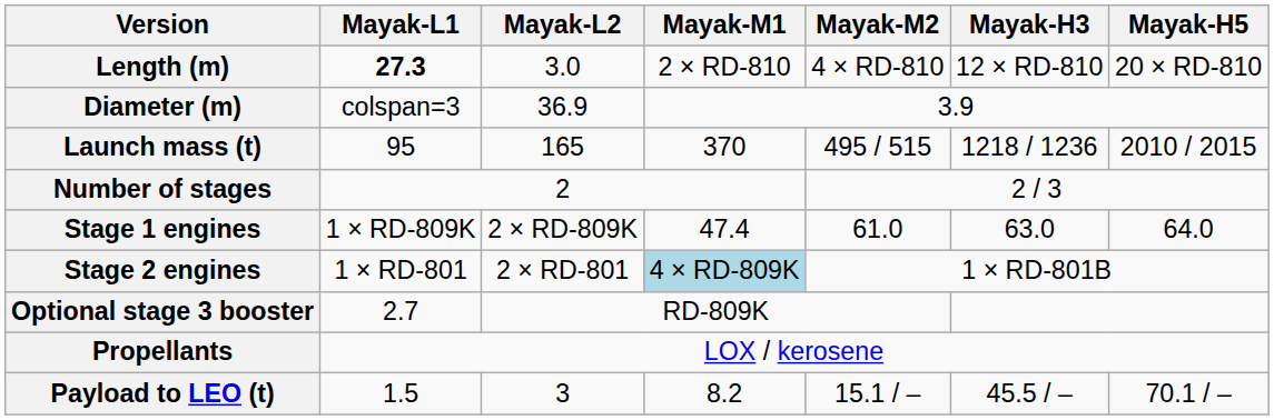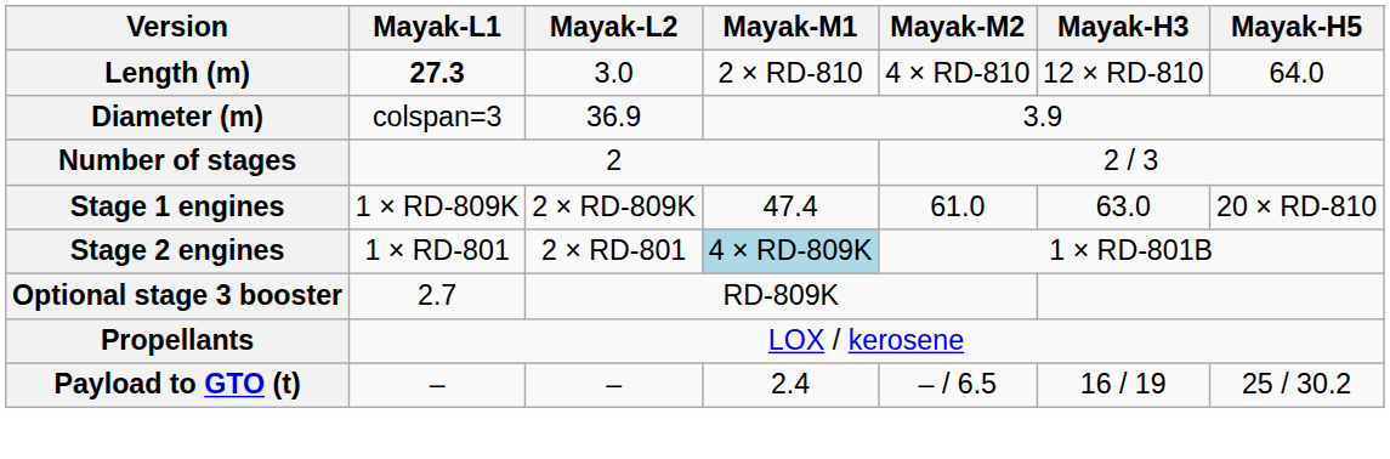 <table class="wikitable" style="text-align:center;">
 <tr>
 <th>Version</th>
 <th>Mayak-L1</th>
 <th>Mayak-L2</th>
 <th>Mayak-M1</th>
 <th>Mayak-M2</th>
 <th>Mayak-H3</th>
 <th>Mayak-H5</th>
 </tr>
 <tr>
 <th>Length (m)</th>
 <td><strong>27.3</strong></td>
 <td>3.0</td>
 <td>2 × RD-810</td>
 <td>4 × RD-810</td>
 <td>12 × RD-810</td>
-<td>20 × RD-810</td>
+<td>64.0</td>
 </tr>
 <tr>
 <th>Diameter (m)</th>
 <td>colspan=3 </td>
 <td>36.9</td>
 <td colspan=4>3.9</td>
-</tr>
-<tr>
-<th>Launch mass (t)</th>
-<td>95</td>
-<td>165</td>
-<td>370</td>
-<td>495 / 515</td>
-<td>1218 / 1236</td>
-<td>2010 / 2015</td>
 </tr>
 <tr>
 <th>Number of stages</th>
 <td colspan=3>2</td>
 <td colspan=3>2 / 3</td>
 </tr>
 <tr>
 <th>Stage 1 engines</th>
 <td>1 × RD-809K</td>
 <td>2 × RD-809K</td>
 <td>47.4</td>
 <td>61.0</td>
 <td>63.0</td>
-<td>64.0</td>
+<td>20 × RD-810</td>
 </tr>
 <tr>
 <th>Stage 2 engines</th>
 <td>1 × RD-801</td>
 <td>2 × RD-801</td>
 <td style="background: lightblue;">4 × RD-809K</td>
 <td colspan=3>1 × RD-801B</td>
 </tr>
 <tr>
 <th>Optional stage 3 booster</th>
 <td>2.7</td>
 <td colspan=3>RD-809K</td>
 </tr>
 <tr>
 <th>Propellants</th>
 <td colspan=6><a href='#'>LOX</a> / <a href='#'>kerosene</a></td>
 </tr>
 <tr>
-<th>Payload to <a href='#'>LEO</a> (t)</th>
-<td>1.5</td>
-<td>3</td>
-<td>8.2</td>
-<td>15.1 / –</td>
-<td>45.5 / –</td>
-<td>70.1 / –</td>
+<th>Payload to <a href='#'>GTO</a> (t)</th>
+<td>–</td>
+<td>–</td>
+<td>2.4</td>
+<td>– / 6.5</td>
+<td>16 / 19</td>
+<td>25 / 30.2</td>
 </tr>
 </table>
